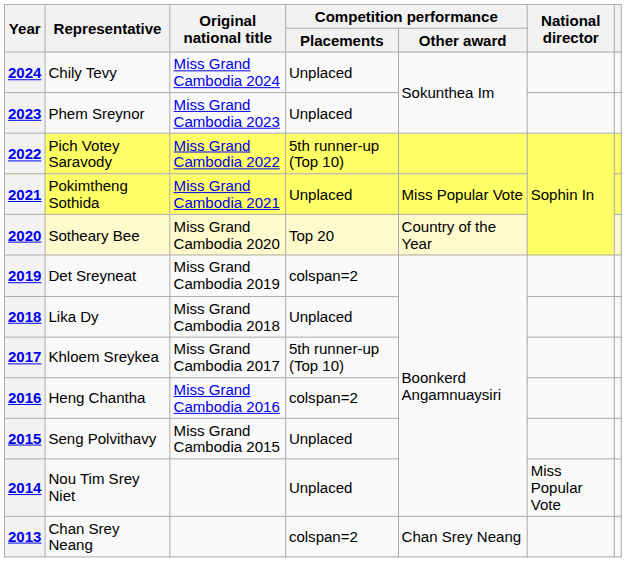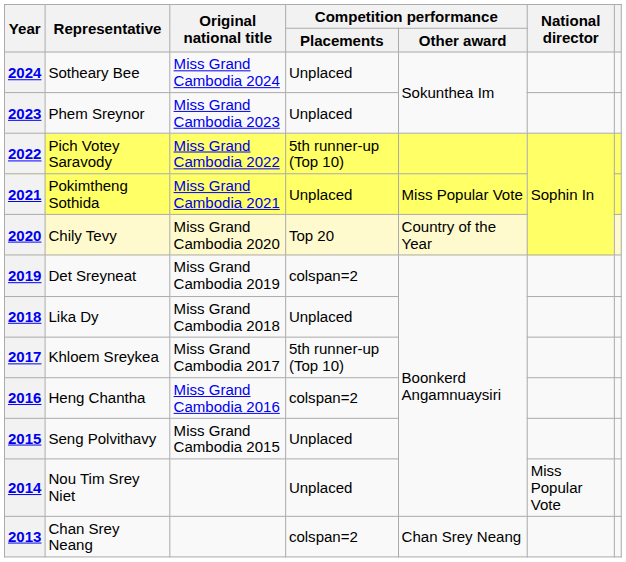 <table class="wikitable defaultcenter col2left" style="font-size:95%; width:100%">
 <tr>
 <th rowspan=2>Year</th>
 <th rowspan=2>Representative</th>
 <th rowspan=2>Original national title</th>
 <th colspan=2>Competition performance</th>
 <th rowspan=2>National director</th>
 <th rowspan=2></th>
 </tr>
 <tr>
 <th>Placements</th>
 <th>Other award</th>
 </tr>
 <tr>
 <th><a href='#'>2024</a></th>
-<td>Chily Tevy</td>
+<td>Sotheary Bee</td>
 <td><a href='#'>Miss Grand Cambodia 2024</a></td>
 <td>Unplaced</td>
 <td rowspan=2>Sokunthea Im</td>
 <td></td>
 </tr>
 <tr>
 <th><a href='#'>2023</a></th>
 <td>Phem Sreynor</td>
 <td><a href='#'>Miss Grand Cambodia 2023</a></td>
 <td>Unplaced</td>
 <td></td>
 <td></td>
 </tr>
 <tr bgcolor=#FFFF66>
 <th><a href='#'>2022</a></th>
 <td>Pich Votey Saravody</td>
 <td><a href='#'>Miss Grand Cambodia 2022</a></td>
 <td>5th runner-up (Top 10)</td>
 <td></td>
 <td rowspan=3>Sophin In</td>
 <td></td>
 </tr>
 <tr bgcolor=#FFFF66>
 <th><a href='#'>2021</a></th>
 <td>Pokimtheng Sothida</td>
 <td><a href='#'>Miss Grand Cambodia 2021</a></td>
 <td>Unplaced</td>
 <td>Miss Popular Vote</td>
 <td style="background-color:#FFFF66"></td>
 </tr>
 <tr bgcolor=#FFFACD>
 <th><a href='#'>2020</a></th>
-<td>Sotheary Bee</td>
+<td>Chily Tevy</td>
 <td>Miss Grand Cambodia 2020</td>
 <td>Top 20</td>
 <td>Country of the Year</td>
 <td></td>
 </tr>
 <tr>
 <th><a href='#'>2019</a></th>
 <td>Det Sreyneat</td>
 <td>Miss Grand Cambodia 2019</td>
 <td>colspan=2 </td>
 <td rowspan=6>Boonkerd Angamnuaysiri</td>
 <td></td>
 </tr>
 <tr>
 <th><a href='#'>2018</a></th>
 <td>Lika Dy</td>
 <td>Miss Grand Cambodia 2018</td>
 <td>Unplaced</td>
 <td></td>
 <td></td>
 </tr>
 <tr>
 <th><a href='#'>2017</a></th>
 <td>Khloem Sreykea</td>
 <td>Miss Grand Cambodia 2017</td>
 <td>5th runner-up (Top 10)</td>
 <td></td>
 <td></td>
 </tr>
 <tr>
 <th><a href='#'>2016</a></th>
 <td>Heng Chantha</td>
 <td><a href='#'>Miss Grand Cambodia 2016</a></td>
 <td>colspan=2 </td>
 <td></td>
 </tr>
 <tr>
 <th><a href='#'>2015</a></th>
 <td>Seng Polvithavy</td>
 <td>Miss Grand Cambodia 2015</td>
 <td>Unplaced</td>
 <td></td>
 <td></td>
 </tr>
 <tr>
 <th><a href='#'>2014</a></th>
 <td>Nou Tim Srey Niet</td>
 <td></td>
 <td>Unplaced</td>
 <td>Miss Popular Vote</td>
 <td></td>
 </tr>
 <tr>
 <th><a href='#'>2013</a></th>
 <td>Chan Srey Neang</td>
 <td></td>
 <td>colspan=2 </td>
 <td>Chan Srey Neang</td>
 <td></td>
 </tr>
 </table>
